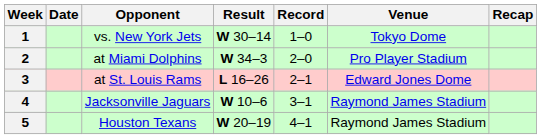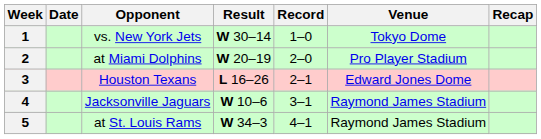 <table class="wikitable" style="text-align:center">
 <tr>
 <th>Week</th>
 <th>Date</th>
 <th>Opponent</th>
 <th>Result</th>
 <th>Record</th>
 <th>Venue</th>
 <th>Recap</th>
 </tr>
 <tr style="background:#cfc">
 <th>1</th>
 <td></td>
 <td>vs. <a href='#'>New York Jets</a></td>
 <td><strong>W</strong> 30–14</td>
 <td>1–0</td>
 <td> <a href='#'>Tokyo Dome</a> </td>
 <td></td>
 </tr>
 <tr style="background:#cfc">
 <th>2</th>
 <td></td>
 <td>at <a href='#'>Miami Dolphins</a></td>
-<td><strong>W</strong> 34–3</td>
+<td><strong>W</strong> 20–19</td>
 <td>2–0</td>
 <td><a href='#'>Pro Player Stadium</a></td>
 <td></td>
 </tr>
 <tr style="background:#fcc">
 <th>3</th>
 <td></td>
-<td>at <a href='#'>St. Louis Rams</a></td>
+<td><a href='#'>Houston Texans</a></td>
 <td><strong>L</strong> 16–26</td>
 <td>2–1</td>
 <td><a href='#'>Edward Jones Dome</a></td>
 <td></td>
 </tr>
 <tr style="background:#cfc">
 <th>4</th>
 <td></td>
 <td><a href='#'>Jacksonville Jaguars</a></td>
 <td><strong>W</strong> 10–6</td>
 <td>3–1</td>
 <td><a href='#'>Raymond James Stadium</a></td>
 <td></td>
 </tr>
 <tr style="background:#cfc">
 <th>5</th>
 <td></td>
-<td><a href='#'>Houston Texans</a></td>
-<td><strong>W</strong> 20–19</td>
+<td>at <a href='#'>St. Louis Rams</a></td>
+<td><strong>W</strong> 34–3</td>
 <td>4–1</td>
 <td>Raymond James Stadium</td>
 <td></td>
 </tr>
 </table>
